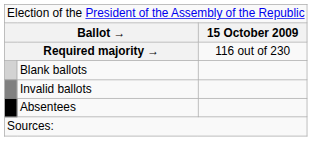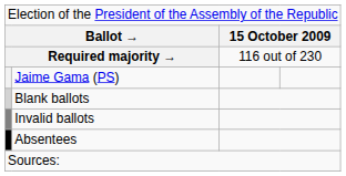 <table class="wikitable" style="text-align:center;">
 <tr>
 <td colspan="4" align="center">Election of the <a href='#'>President of the Assembly of the Republic</a></td>
 </tr>
 <tr>
 <th colspan="2" width="225px">Ballot →</th>
 <th colspan="2">15 October 2009</th>
 </tr>
 <tr>
 <th colspan="2">Required majority →</th>
 <td colspan="2">116 out of 230</td>
+</tr>
+<tr>
+<th width="1px" style="background:"></th>
+<td align="left"><a href='#'>Jaime Gama</a> (<a href='#'>PS</a>)</td>
+<td></td>
+<td></td>
 </tr>
 <tr>
 <th style="background:lightgray;"></th>
 <td align="left">Blank ballots</td>
 <td colspan="2"></td>
 </tr>
 <tr>
 <th style="background:gray;"></th>
 <td align="left">Invalid ballots</td>
 <td colspan="2"></td>
 </tr>
 <tr>
 <th style="background:black;"></th>
 <td align="left">Absentees</td>
 <td colspan="2"></td>
 </tr>
 <tr>
 <td align="left" colspan="4">Sources: </td>
 </tr>
 </table>
